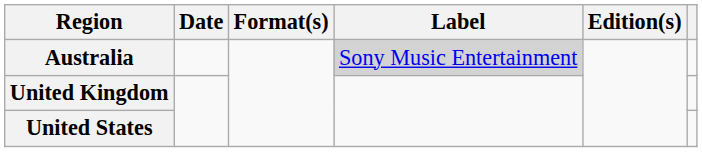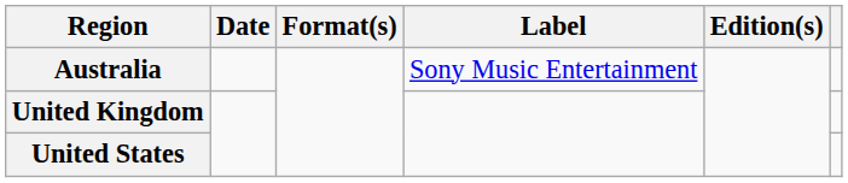 <table class="wikitable plainrowheaders">
 <tr>
 <th scope="col">Region</th>
 <th scope="col">Date</th>
 <th scope="col">Format(s)</th>
 <th scope="col">Label</th>
 <th scope="col">Edition(s)</th>
 <th scope="col"></th>
 </tr>
 <tr>
 <th scope="row">Australia</th>
 <td></td>
 <td rowspan="3"></td>
-<td style="background: lightgrey;"><a href='#'>Sony Music Entertainment</a></td>
+<td><a href='#'>Sony Music Entertainment</a></td>
 <td rowspan="3"></td>
 <td style="text-align:center;"></td>
 </tr>
 <tr>
 <th scope="row">United Kingdom</th>
 <td rowspan="2"></td>
 <td rowspan="2"></td>
 <td style="text-align:center;"></td>
 </tr>
 <tr>
 <th scope="row">United States</th>
 <td></td>
 </tr>
 </table>
